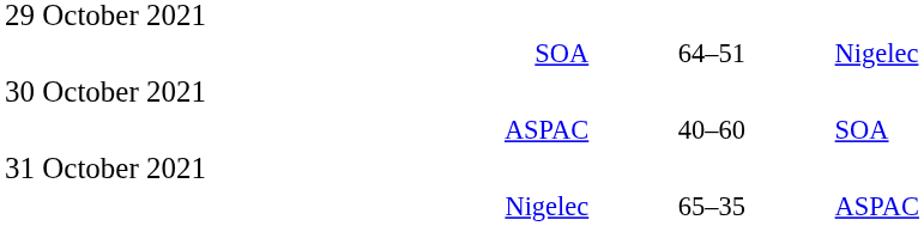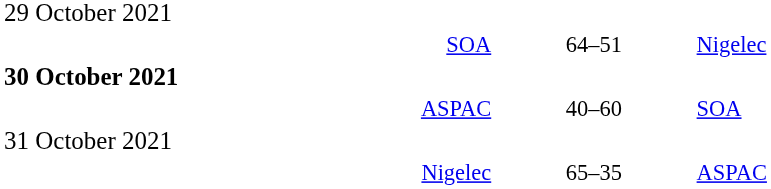 <table style="width:100%;" cellspacing="1">
 <tr>
 <th width=25%></th>
 <th width=2%></th>
 <th width=6%></th>
 <th width=2%></th>
 <th width=25%></th>
 </tr>
 <tr>
 <td>29 October 2021</td>
 </tr>
 <tr style=font-size:90%>
 <td align=right><a href='#'>SOA</a> </td>
 <td></td>
 <td align=center>64–51</td>
 <td></td>
 <td> <a href='#'>Nigelec</a></td>
 <td></td>
 </tr>
 <tr>
-<td>30 October 2021</td>
+<td><strong>30 October 2021</strong></td>
 </tr>
 <tr style=font-size:90%>
 <td align=right><a href='#'>ASPAC</a> </td>
 <td></td>
 <td align=center>40–60</td>
 <td></td>
 <td> <a href='#'>SOA</a></td>
 <td></td>
 </tr>
 <tr>
 <td>31 October 2021</td>
 </tr>
 <tr style=font-size:90%>
 <td align=right><a href='#'>Nigelec</a> </td>
 <td></td>
 <td align=center>65–35</td>
 <td></td>
 <td> <a href='#'>ASPAC</a></td>
 <td></td>
 </tr>
 <tr>
 </tr>
 </table>
